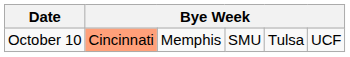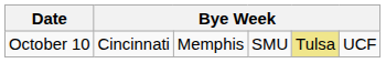 <table class="wikitable" style="font-size:95%;">
 <tr>
 <th>Date</th>
 <th colspan="7">Bye Week</th>
 </tr>
 <tr>
 <td>October 10</td>
-<td style="background: lightsalmon;">Cincinnati</td>
+<td>Cincinnati</td>
 <td>Memphis</td>
 <td>SMU</td>
-<td>Tulsa</td>
+<td style="background: khaki;">Tulsa</td>
 <td>UCF</td>
 </tr>
 </table>
